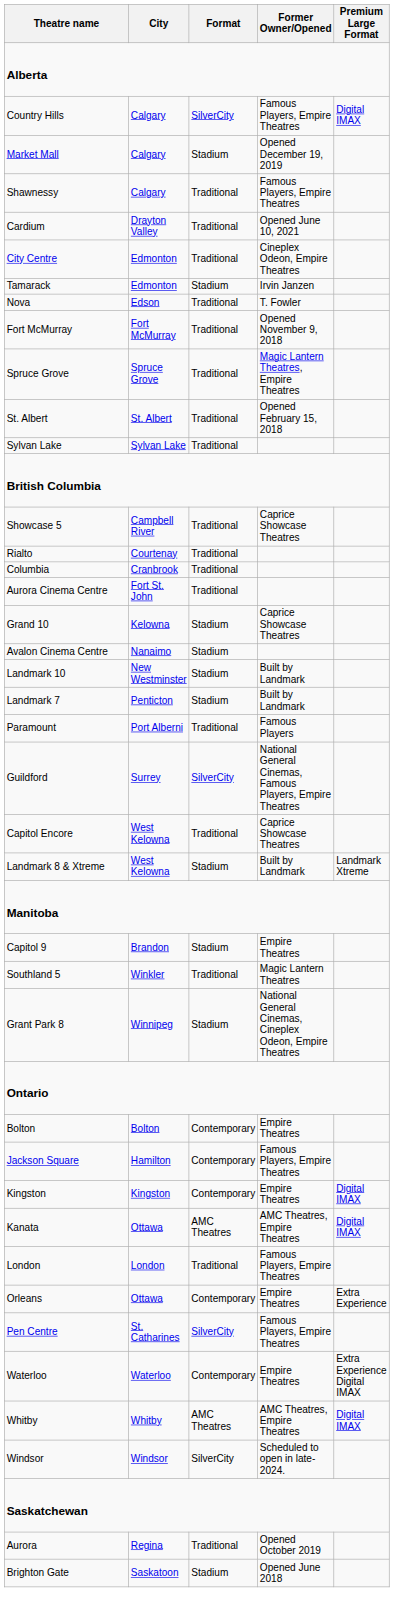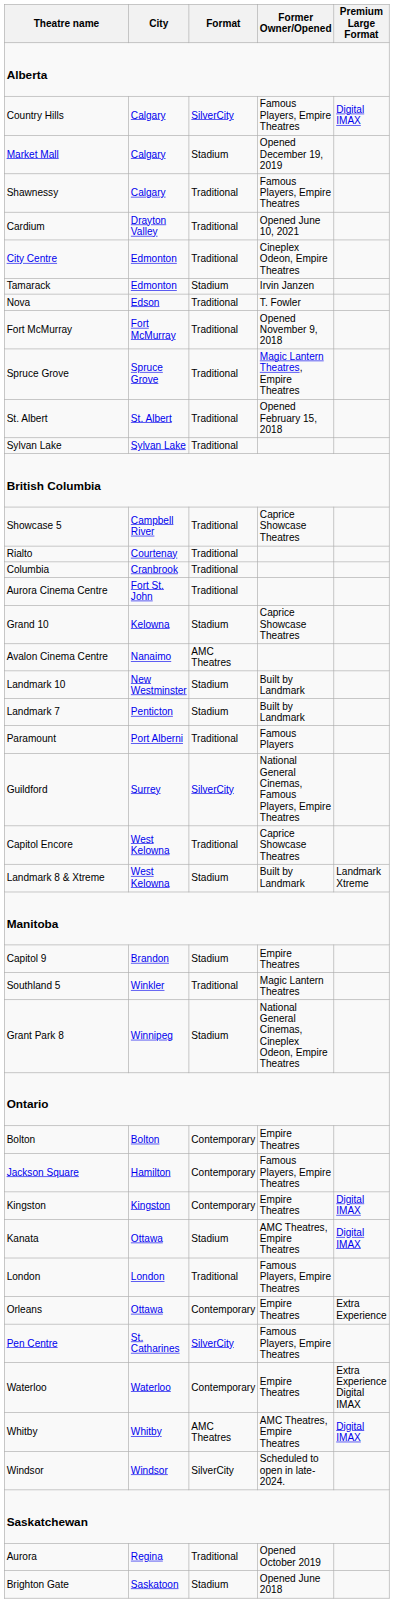 <table class="wikitable sortable" style="width:98%; margin-right:0">
 <tr>
 <th width=40%>Theatre name</th>
 <th>City</th>
 <th>Format</th>
 <th>Former Owner/Opened</th>
 <th>Premium Large Format</th>
 </tr>
 <tr>
 <td colspan="7"><br><h3>Alberta</h3></td>
 </tr>
 <tr>
 <td>Country Hills</td>
 <td><a href='#'>Calgary</a></td>
 <td><a href='#'>SilverCity</a></td>
 <td Opened May 5, 2000>Famous Players, Empire Theatres</td>
 <td><a href='#'>Digital IMAX</a>    </td>
 </tr>
 <tr>
 <td><a href='#'>Market Mall</a></td>
 <td><a href='#'>Calgary</a></td>
 <td>Stadium</td>
 <td>Opened December 19, 2019</td>
 <td></td>
 </tr>
 <tr>
 <td>Shawnessy</td>
 <td><a href='#'>Calgary</a></td>
 <td>Traditional</td>
 <td Opened November 27, 1998>Famous Players, Empire Theatres</td>
 <td></td>
 </tr>
 <tr>
 <td>Cardium</td>
 <td><a href='#'>Drayton Valley</a></td>
 <td>Traditional</td>
 <td>Opened June 10, 2021</td>
 </tr>
 <tr>
 <td><a href='#'>City Centre</a></td>
 <td><a href='#'>Edmonton</a></td>
 <td>Traditional</td>
 <td Opened July 28, 1988>Cineplex Odeon, Empire Theatres</td>
 <td></td>
 </tr>
 <tr>
 <td>Tamarack</td>
 <td><a href='#'>Edmonton</a></td>
 <td>Stadium</td>
 <td>Irvin Janzen</td>
 <td></td>
 </tr>
 <tr>
 <td>Nova</td>
 <td><a href='#'>Edson</a></td>
 <td>Traditional</td>
 <td>T. Fowler</td>
 </tr>
 <tr>
 <td>Fort McMurray</td>
 <td><a href='#'>Fort McMurray</a></td>
 <td>Traditional</td>
 <td>Opened November 9, 2018</td>
 <td></td>
 </tr>
 <tr>
 <td>Spruce Grove</td>
 <td><a href='#'>Spruce Grove</a></td>
 <td>Traditional</td>
 <td><a href='#'>Magic Lantern Theatres</a>, Empire Theatres</td>
 <td></td>
 </tr>
 <tr>
 <td>St. Albert</td>
 <td><a href='#'>St. Albert</a></td>
 <td>Traditional</td>
 <td>Opened February 15, 2018</td>
 <td></td>
 </tr>
 <tr>
 <td>Sylvan Lake</td>
 <td><a href='#'>Sylvan Lake</a></td>
 <td>Traditional</td>
 <td></td>
 <td></td>
 </tr>
 <tr>
 <td colspan="7"><br><h3>British Columbia</h3></td>
 </tr>
 <tr>
 <td>Showcase 5</td>
 <td><a href='#'>Campbell River</a></td>
 <td>Traditional</td>
 <td>Caprice Showcase Theatres</td>
 <td></td>
 </tr>
 <tr>
 <td>Rialto</td>
 <td><a href='#'>Courtenay</a></td>
 <td>Traditional</td>
 <td></td>
 <td></td>
 </tr>
 <tr>
 <td>Columbia</td>
 <td><a href='#'>Cranbrook</a></td>
 <td>Traditional</td>
 <td></td>
 <td></td>
 </tr>
 <tr>
 <td>Aurora Cinema Centre</td>
 <td><a href='#'>Fort St. John</a></td>
 <td>Traditional</td>
 <td></td>
 <td></td>
 </tr>
 <tr>
 <td>Grand 10</td>
 <td><a href='#'>Kelowna</a></td>
 <td>Stadium</td>
 <td>Caprice Showcase Theatres</td>
 <td></td>
 </tr>
 <tr>
 <td>Avalon Cinema Centre</td>
 <td><a href='#'>Nanaimo</a></td>
-<td>Stadium</td>
+<td>AMC Theatres</td>
 <td></td>
 <td></td>
 </tr>
 <tr>
 <td>Landmark 10</td>
 <td><a href='#'>New Westminster</a></td>
 <td>Stadium</td>
 <td>Built by Landmark</td>
 <td></td>
 </tr>
 <tr>
 <td>Landmark 7</td>
 <td><a href='#'>Penticton</a></td>
 <td>Stadium</td>
 <td>Built by Landmark</td>
 <td></td>
 </tr>
 <tr>
 <td>Paramount</td>
 <td><a href='#'>Port Alberni</a></td>
 <td>Traditional</td>
 <td>Famous Players</td>
 <td></td>
 </tr>
 <tr>
 <td>Guildford</td>
 <td><a href='#'>Surrey</a></td>
 <td><a href='#'>SilverCity</a></td>
 <td>National General Cinemas, Famous Players, Empire Theatres</td>
 <td></td>
 </tr>
 <tr>
 <td>Capitol Encore</td>
 <td><a href='#'>West Kelowna</a></td>
 <td>Traditional</td>
 <td>Caprice Showcase Theatres</td>
 <td></td>
 </tr>
 <tr>
 <td>Landmark 8 & Xtreme</td>
 <td><a href='#'>West Kelowna</a></td>
 <td>Stadium</td>
 <td>Built by Landmark</td>
 <td>Landmark Xtreme</td>
 </tr>
 <tr>
 <td colspan="7"><br><h3>Manitoba</h3></td>
 </tr>
 <tr>
 <td>Capitol 9</td>
 <td><a href='#'>Brandon</a></td>
 <td>Stadium</td>
 <td>Empire Theatres</td>
 <td></td>
 </tr>
 <tr>
 <td>Southland 5</td>
 <td><a href='#'>Winkler</a></td>
 <td>Traditional</td>
 <td>Magic Lantern Theatres</td>
 <td></td>
 </tr>
 <tr>
 <td>Grant Park 8</td>
 <td><a href='#'>Winnipeg</a></td>
 <td>Stadium</td>
 <td>National General Cinemas, Cineplex Odeon, Empire Theatres</td>
 <td></td>
 </tr>
 <tr>
 <td colspan="7"><br><h3>Ontario</h3></td>
 </tr>
 <tr>
 <td>Bolton</td>
 <td><a href='#'>Bolton</a></td>
 <td>Contemporary</td>
 <td>Empire Theatres</td>
 <td></td>
 </tr>
 <tr>
 <td><a href='#'>Jackson Square</a></td>
 <td><a href='#'>Hamilton</a></td>
 <td>Contemporary</td>
 <td>Famous Players, Empire Theatres</td>
 <td></td>
 </tr>
 <tr>
 <td>Kingston</td>
 <td><a href='#'>Kingston</a></td>
 <td>Contemporary</td>
 <td>Empire Theatres</td>
 <td><a href='#'>Digital IMAX</a></td>
 </tr>
 <tr>
 <td>Kanata</td>
 <td><a href='#'>Ottawa</a></td>
-<td>AMC Theatres</td>
+<td>Stadium</td>
 <td>AMC Theatres, Empire Theatres</td>
 <td><a href='#'>Digital IMAX</a></td>
 </tr>
 <tr>
 <td>London</td>
 <td><a href='#'>London</a></td>
 <td>Traditional</td>
 <td>Famous Players, Empire Theatres</td>
 <td></td>
 </tr>
 <tr>
 <td>Orleans</td>
 <td><a href='#'>Ottawa</a></td>
 <td>Contemporary</td>
 <td>Empire Theatres</td>
 <td>Extra Experience</td>
 </tr>
 <tr>
 <td><a href='#'>Pen Centre</a></td>
 <td><a href='#'>St. Catharines</a></td>
 <td><a href='#'>SilverCity</a></td>
 <td>Famous Players, Empire Theatres</td>
 <td></td>
 </tr>
 <tr>
 <td>Waterloo</td>
 <td><a href='#'>Waterloo</a></td>
 <td>Contemporary</td>
 <td>Empire Theatres</td>
 <td>Extra Experience Digital IMAX</td>
 </tr>
 <tr>
 <td>Whitby</td>
 <td><a href='#'>Whitby</a></td>
 <td>AMC Theatres</td>
 <td>AMC Theatres, Empire Theatres</td>
 <td><a href='#'>Digital IMAX</a></td>
 </tr>
 <tr>
 <td>Windsor</td>
 <td><a href='#'>Windsor</a></td>
 <td>SilverCity</td>
 <td>Scheduled to open in late-2024.</td>
 <td></td>
 </tr>
 <tr>
 <td colspan="7"><br><h3>Saskatchewan</h3></td>
 </tr>
 <tr>
 <td>Aurora</td>
 <td><a href='#'>Regina</a></td>
 <td>Traditional</td>
 <td>Opened October 2019</td>
 <td></td>
 </tr>
 <tr>
 <td>Brighton Gate</td>
 <td><a href='#'>Saskatoon</a></td>
 <td>Stadium</td>
 <td>Opened June 2018</td>
 <td></td>
 </tr>
 </table>
